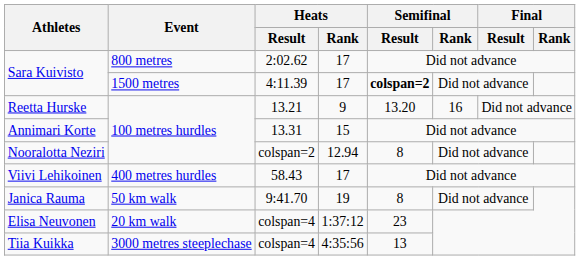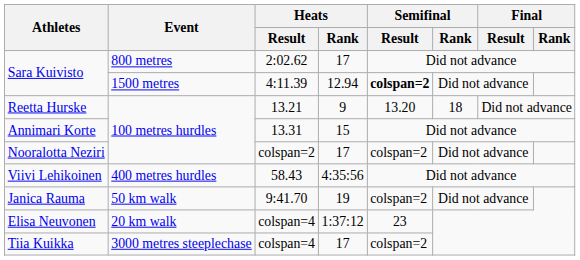 <table class="wikitable" border="1" style="font-size:90%">
 <tr>
 <th rowspan="2">Athletes</th>
 <th rowspan="2">Event</th>
 <th colspan="2">Heats</th>
 <th colspan="2">Semifinal</th>
 <th colspan="2">Final</th>
 </tr>
 <tr>
 <th>Result</th>
 <th>Rank</th>
 <th>Result</th>
 <th>Rank</th>
 <th>Result</th>
 <th>Rank</th>
 </tr>
 <tr>
 <td rowspan=2><a href='#'>Sara Kuivisto</a></td>
 <td><a href='#'>800 metres</a></td>
 <td align=center>2:02.62</td>
 <td align=center>17</td>
 <td colspan=4 align=center>Did not advance</td>
 </tr>
 <tr>
 <td><a href='#'>1500 metres</a></td>
 <td align=center>4:11.39</td>
-<td align=center>17</td>
+<td align=center>12.94</td>
 <td><strong>colspan=2</strong></td>
 <td colspan=2 align=center>Did not advance</td>
 </tr>
 <tr>
 <td><a href='#'>Reetta Hurske</a></td>
 <td rowspan=3><a href='#'>100 metres hurdles</a></td>
 <td align=center>13.21</td>
 <td align=center>9 <strong></strong></td>
 <td align=center>13.20</td>
-<td align=center>16</td>
+<td align=center>18</td>
 <td colspan=2 align=center>Did not advance</td>
 </tr>
 <tr>
 <td><a href='#'>Annimari Korte</a></td>
 <td align=center>13.31</td>
 <td align=center>15</td>
 <td colspan=4 align=center>Did not advance</td>
 </tr>
 <tr>
 <td><a href='#'>Nooralotta Neziri</a></td>
 <td>colspan=2</td>
-<td align=center>12.94</td>
-<td align=center>8</td>
+<td align=center>17</td>
+<td>colspan=2</td>
 <td colspan=2 align=center>Did not advance</td>
 </tr>
 <tr>
 <td><a href='#'>Viivi Lehikoinen</a></td>
 <td><a href='#'>400 metres hurdles</a></td>
 <td align=center>58.43</td>
-<td align=center>17</td>
+<td align=center>4:35:56</td>
 <td colspan=4 align=center>Did not advance</td>
 </tr>
 <tr>
 <td><a href='#'>Janica Rauma</a></td>
 <td><a href='#'>50 km walk</a></td>
 <td align=center>9:41.70</td>
 <td align=center>19 <strong></strong></td>
-<td align=center>8</td>
+<td>colspan=2</td>
 <td colspan=2 align=center>Did not advance</td>
 </tr>
 <tr>
 <td><a href='#'>Elisa Neuvonen</a></td>
 <td><a href='#'>20 km walk</a></td>
 <td>colspan=4</td>
 <td align=center>1:37:12</td>
 <td align=center>23</td>
 </tr>
 <tr>
 <td><a href='#'>Tiia Kuikka</a></td>
 <td><a href='#'>3000 metres steeplechase</a></td>
 <td>colspan=4</td>
-<td align=center>4:35:56</td>
-<td align=center>13</td>
+<td align=center>17</td>
+<td>colspan=2</td>
 </tr>
 </table>
